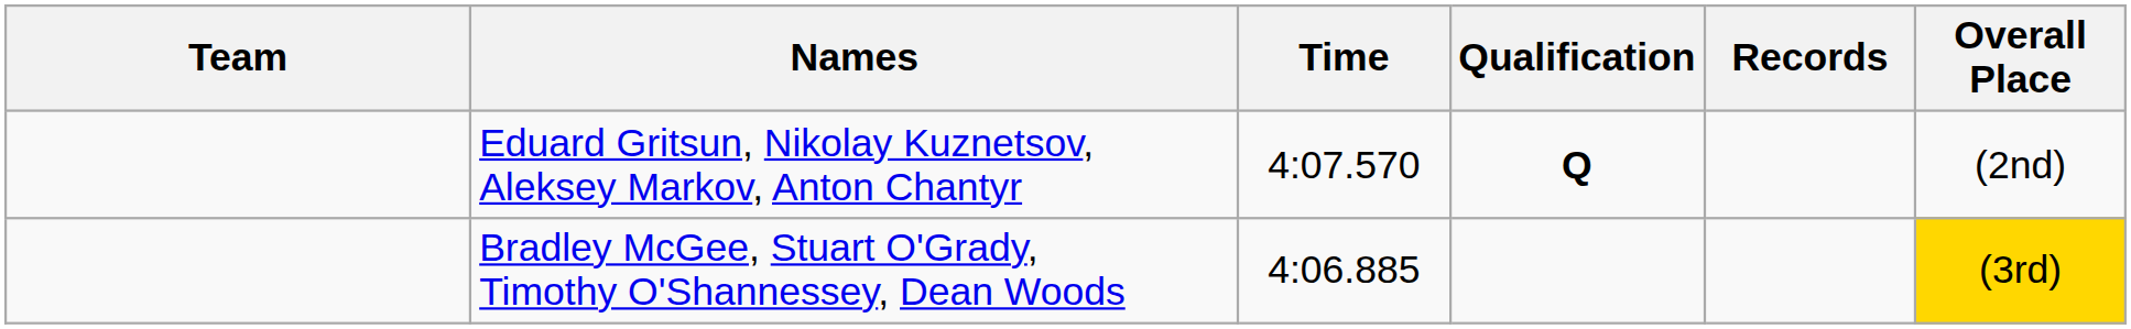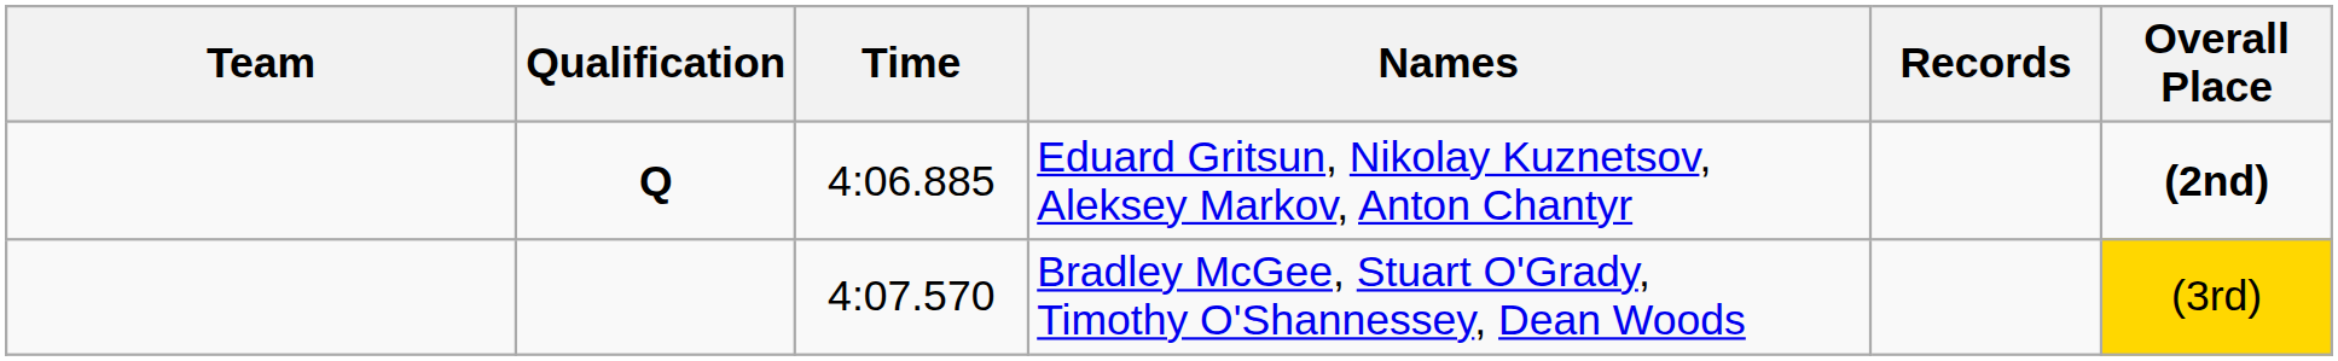 <table class="wikitable" style="text-align:center;">
 <tr>
 <th style="width:12em;">Team</th>
+<th style="width:5em;">Qualification</th>
+<th style="width:5em;">Time</th>
 <th style="width:20em;">Names</th>
-<th style="width:5em;">Time</th>
-<th style="width:5em;">Qualification</th>
 <th style="width:5em;">Records</th>
 <th style="width:5em;">Overall Place</th>
 </tr>
 <tr>
 <td align=left></td>
+<td><strong>Q</strong></td>
+<td>4:06.885</td>
 <td align=left><a href='#'>Eduard Gritsun</a>, <a href='#'>Nikolay Kuznetsov</a>, <br> <a href='#'>Aleksey Markov</a>, <a href='#'>Anton Chantyr</a></td>
-<td>4:07.570</td>
-<td><strong>Q</strong></td>
 <td></td>
-<td>(2nd)</td>
+<td><strong>(2nd)</strong></td>
 </tr>
 <tr>
 <td align=left></td>
+<td></td>
+<td>4:07.570</td>
 <td align=left><a href='#'>Bradley McGee</a>, <a href='#'>Stuart O'Grady</a>, <br> <a href='#'>Timothy O'Shannessey</a>, <a href='#'>Dean Woods</a></td>
-<td>4:06.885</td>
-<td></td>
 <td></td>
 <td style="background: gold;">(3rd)</td>
 </tr>
 </table>
